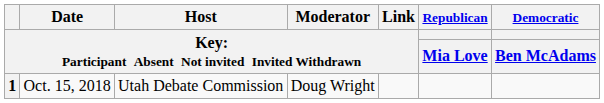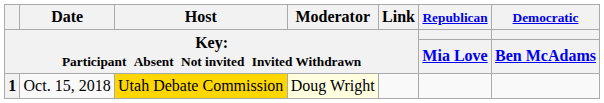 <table class="wikitable" style="text-align:center;">
 <tr>
 <th scope="col"></th>
 <th scope="col">Date</th>
 <th scope="col">Host</th>
 <th scope="col">Moderator</th>
 <th scope="col">Link</th>
 <th scope="col"><small><a href='#'>Republican</a></small></th>
 <th scope="col"><small><a href='#'>Democratic</a></small></th>
 </tr>
 <tr>
 <th colspan="5" rowspan="2">Key:<br> <small>Participant </small>  <small>Absent </small>  <small>Not invited </small>  <small>Invited  Withdrawn</small></th>
 <th scope="col" style="background:"></th>
 <th scope="col" style="background:"></th>
 </tr>
 <tr>
 <th scope="col"><a href='#'>Mia Love</a></th>
 <th scope="col"><a href='#'>Ben McAdams</a></th>
 </tr>
 <tr>
 <th>1</th>
 <td style="white-space:nowrap;">Oct. 15, 2018</td>
-<td style="white-space:nowrap;">Utah Debate Commission</td>
-<td style="white-space:nowrap;">Doug Wright</td>
+<td style="background: gold; white-space:nowrap;">Utah Debate Commission</td>
+<td style="background: lightyellow; white-space:nowrap;">Doug Wright</td>
 <td style="white-space:nowrap;"></td>
 <td></td>
 <td></td>
 </tr>
 </table>
